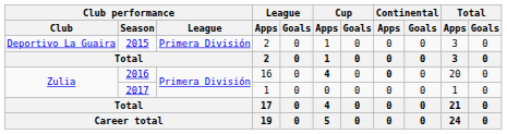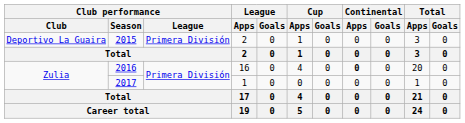 <table class="wikitable" style="text-align:center">
 <tr>
 <th colspan=3>Club performance</th>
 <th colspan=2>League</th>
 <th colspan=2>Cup</th>
 <th colspan=2>Continental</th>
 <th colspan=2>Total</th>
 </tr>
 <tr>
 <th>Club</th>
 <th>Season</th>
 <th>League</th>
 <th>Apps</th>
 <th>Goals</th>
 <th>Apps</th>
 <th>Goals</th>
 <th>Apps</th>
 <th>Goals</th>
 <th>Apps</th>
 <th>Goals</th>
 </tr>
 <tr>
 <td><a href='#'>Deportivo La Guaira</a></td>
 <td><a href='#'>2015</a></td>
 <td><a href='#'>Primera División</a></td>
 <td>2</td>
 <td>0</td>
 <td>1</td>
 <td>0</td>
 <td>0</td>
 <td>0</td>
 <td>3</td>
 <td>0</td>
 </tr>
 <tr>
 <th colspan="3">Total</th>
 <th>2</th>
 <th>0</th>
 <th>1</th>
 <th>0</th>
 <th>0</th>
 <th>0</th>
 <th>3</th>
 <th>0</th>
 </tr>
 <tr>
 <td rowspan="2"><a href='#'>Zulia</a></td>
 <td><a href='#'>2016</a></td>
 <td rowspan="2"><a href='#'>Primera División</a></td>
 <td>16</td>
 <td>0</td>
-<td><strong>4</strong></td>
+<td>4</td>
 <td>0</td>
 <td><strong>0</strong></td>
 <td>0</td>
 <td>20</td>
 <td>0</td>
 </tr>
 <tr>
 <td><a href='#'>2017</a></td>
 <td>1</td>
 <td>0</td>
 <td>0</td>
 <td>0</td>
 <td>0</td>
 <td>0</td>
 <td>1</td>
 <td>0</td>
 </tr>
 <tr>
 <th colspan="3">Total</th>
 <th>17</th>
 <th>0</th>
 <th>4</th>
 <th>0</th>
 <th>0</th>
 <th>0</th>
 <th>21</th>
 <th>0</th>
 </tr>
 <tr>
 <th colspan=3>Career total</th>
 <th>19</th>
 <th>0</th>
 <th>5</th>
 <th>0</th>
 <th>0</th>
 <th>0</th>
 <th>24</th>
 <th>0</th>
 </tr>
 </table>
